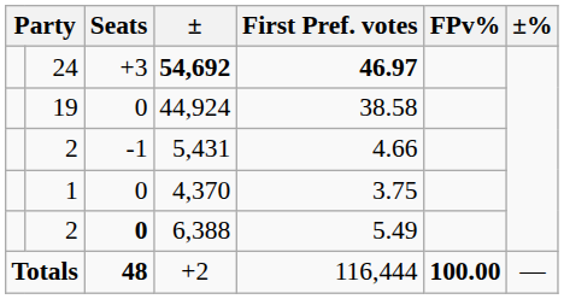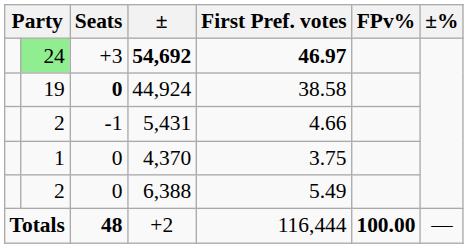 <table class=wikitable>
 <tr>
 <th colspan=2 align=center>Party</th>
 <th valign=top>Seats</th>
 <th valign=top>±</th>
 <th valign=top>First Pref. votes</th>
 <th valign=top>FPv%</th>
 <th valign=top>±%</th>
 </tr>
 <tr>
 <td></td>
-<td align=right>24</td>
+<td align=right style="background: lightgreen;">24</td>
 <td align=right>+3</td>
 <td align=right><strong>54,692</strong></td>
 <td align=right><strong>46.97</strong></td>
 <td align=right></td>
 </tr>
 <tr>
 <td></td>
 <td align=right>19</td>
-<td align=right>0</td>
+<td align=right><strong>0</strong></td>
 <td align=right>44,924</td>
 <td align=right>38.58</td>
 <td align=right></td>
 </tr>
 <tr>
 <td></td>
 <td align=right>2</td>
 <td align=right>-1</td>
 <td align=right>5,431</td>
 <td align=right>4.66</td>
 <td align=right></td>
 </tr>
 <tr>
 <td></td>
 <td align=right>1</td>
 <td align=right>0</td>
 <td align=right>4,370</td>
 <td align=right>3.75</td>
 <td align=right></td>
 </tr>
 <tr>
 <td></td>
 <td align=right>2</td>
-<td align=right><strong>0</strong></td>
+<td align=right>0</td>
 <td align=right>6,388</td>
 <td align=right>5.49</td>
 <td align=right></td>
 </tr>
 <tr>
 <td colspan=2 align=center><strong>Totals</strong></td>
 <td align=right><strong>48</strong></td>
 <td align=center>+2</td>
 <td align=right>116,444</td>
 <td align=center><strong>100.00</strong></td>
 <td align=center>—</td>
 </tr>
 </table>
